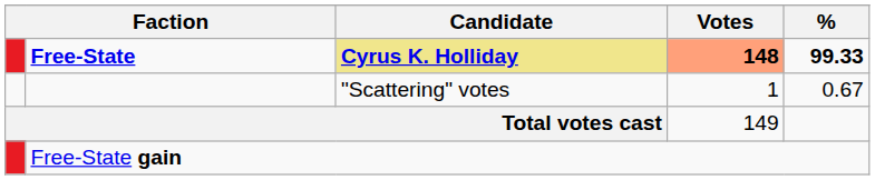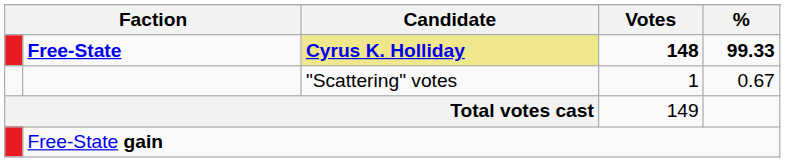 <table class="wikitable plainrowheaders" style="text-align:center;">
 <tr>
 </tr>
 <tr>
 <th scope="col" colspan="2" style="width: 15em">Faction</th>
 <th scope="col" style="width: 15em">Candidate</th>
 <th scope="col" style="width: 5em">Votes</th>
 <th scope="col" style="width: 3.5em">%</th>
 </tr>
 <tr>
 <td style="width: 0.5em; background-color:#E81B23"></td>
 <td style="text-align: left"><strong><a href='#'>Free-State</a></strong></td>
 <td style="background: khaki; text-align: left"><strong><a href='#'>Cyrus K. Holliday</a></strong></td>
-<td style="background: lightsalmon; text-align: right; margin-right: 0.5em"><strong>148</strong></td>
+<td style="text-align: right; margin-right: 0.5em"><strong>148</strong></td>
 <td style="text-align: right; margin-right: 0.5em"><strong>99.33</strong></td>
 </tr>
 <tr>
 <td style="width: 0.5em"></td>
 <td style="text-align: left"></td>
 <td style="text-align: left">"Scattering" votes</td>
 <td style="text-align: right; margin-right: 0.5em">1</td>
 <td style="text-align: right; margin-right: 0.5em">0.67</td>
 </tr>
 <tr>
 <th colspan="3" style="text-align:right;">Total votes cast</th>
 <td style="text-align:right;">149</td>
 <td style="text-align:right;"></td>
 </tr>
 <tr>
 <td style="width: 0.5em; background-color:#E81B23"></td>
 <td colspan="4" style="text-align:left;"><a href='#'>Free-State</a> <strong>gain</strong></td>
 </tr>
 </table>
